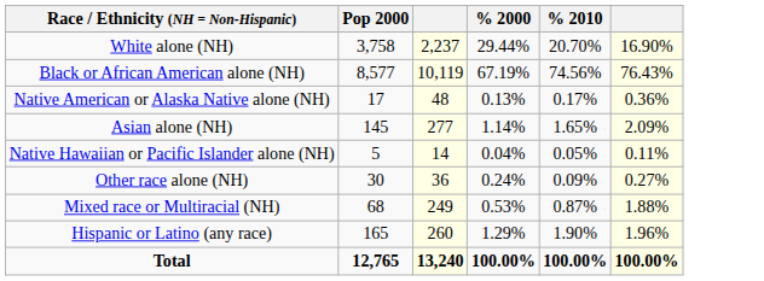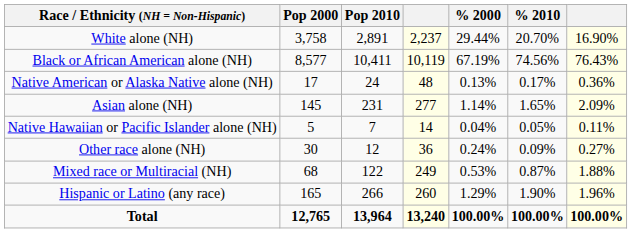 <table class="wikitable" style="text-align:center;">
 <tr>
 <th>Race / Ethnicity <small>(<em>NH = Non-Hispanic</em>)</small></th>
 <th>Pop 2000</th>
+<th>Pop 2010</th>
 <th></th>
 <th>% 2000</th>
 <th>% 2010</th>
 <th></th>
 </tr>
 <tr>
 <td><a href='#'>White</a> alone (NH)</td>
 <td>3,758</td>
+<td>2,891</td>
 <td style='background: #ffffe6;'>2,237</td>
 <td>29.44%</td>
 <td>20.70%</td>
 <td style='background: #ffffe6;'>16.90%</td>
 </tr>
 <tr>
 <td><a href='#'>Black or African American</a> alone (NH)</td>
 <td>8,577</td>
+<td>10,411</td>
 <td style='background: #ffffe6;'>10,119</td>
 <td>67.19%</td>
 <td>74.56%</td>
 <td style='background: #ffffe6;'>76.43%</td>
 </tr>
 <tr>
 <td><a href='#'>Native American</a> or <a href='#'>Alaska Native</a> alone (NH)</td>
 <td>17</td>
+<td>24</td>
 <td style='background: #ffffe6;'>48</td>
 <td>0.13%</td>
 <td>0.17%</td>
 <td style='background: #ffffe6;'>0.36%</td>
 </tr>
 <tr>
 <td><a href='#'>Asian</a> alone (NH)</td>
 <td>145</td>
+<td>231</td>
 <td style='background: #ffffe6;'>277</td>
 <td>1.14%</td>
 <td>1.65%</td>
 <td style='background: #ffffe6;'>2.09%</td>
 </tr>
 <tr>
 <td><a href='#'>Native Hawaiian</a> or <a href='#'>Pacific Islander</a> alone (NH)</td>
 <td>5</td>
+<td>7</td>
 <td style='background: #ffffe6;'>14</td>
 <td>0.04%</td>
 <td>0.05%</td>
 <td style='background: #ffffe6;'>0.11%</td>
 </tr>
 <tr>
 <td><a href='#'>Other race</a> alone (NH)</td>
 <td>30</td>
+<td>12</td>
 <td style='background: #ffffe6;'>36</td>
 <td>0.24%</td>
 <td>0.09%</td>
 <td style='background: #ffffe6;'>0.27%</td>
 </tr>
 <tr>
 <td><a href='#'>Mixed race or Multiracial</a> (NH)</td>
 <td>68</td>
+<td>122</td>
 <td style='background: #ffffe6;'>249</td>
 <td>0.53%</td>
 <td>0.87%</td>
 <td style='background: #ffffe6;'>1.88%</td>
 </tr>
 <tr>
 <td><a href='#'>Hispanic or Latino</a> (any race)</td>
 <td>165</td>
+<td>266</td>
 <td style='background: #ffffe6;'>260</td>
 <td>1.29%</td>
 <td>1.90%</td>
 <td style='background: #ffffe6;'>1.96%</td>
 </tr>
 <tr>
 <td><strong>Total</strong></td>
 <td><strong>12,765</strong></td>
+<td><strong>13,964</strong></td>
 <td style='background: #ffffe6;'><strong>13,240</strong></td>
 <td><strong>100.00%</strong></td>
 <td><strong>100.00%</strong></td>
 <td style='background: #ffffe6;'><strong>100.00%</strong></td>
 </tr>
 </table>
